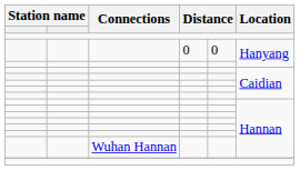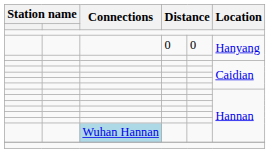 <table class="wikitable">
 <tr>
 <th colspan="2">Station name</th>
 <th rowspan="2">Connections</th>
 <th colspan="2" rowspan="2">Distance<br></th>
 <th rowspan="2">Location</th>
 </tr>
 <tr>
 <th></th>
 <th></th>
 </tr>
 <tr style="background:#">
 <td colspan = "6"></td>
 </tr>
 <tr>
 <td></td>
 <td></td>
 <td> </td>
 <td>0</td>
 <td>0</td>
 <td rowspan="2"><a href='#'>Hanyang</a></td>
 </tr>
 <tr>
 <td></td>
 <td></td>
 <td></td>
 <td></td>
 <td></td>
 </tr>
 <tr>
 <td></td>
 <td></td>
 <td></td>
 <td></td>
 <td></td>
 <td rowspan="5"><a href='#'>Caidian</a></td>
 </tr>
 <tr>
 <td></td>
 <td></td>
 <td></td>
 <td></td>
 <td></td>
 </tr>
 <tr>
 <td></td>
 <td></td>
 <td></td>
 <td></td>
 <td></td>
 </tr>
 <tr>
 <td></td>
 <td></td>
 <td></td>
 <td></td>
 <td></td>
 </tr>
 <tr>
 <td></td>
 <td></td>
 <td></td>
 <td></td>
 <td></td>
 </tr>
 <tr>
 <td></td>
 <td></td>
 <td></td>
 <td></td>
 <td></td>
 <td rowspan="7"><a href='#'>Hannan</a></td>
 </tr>
 <tr>
 <td></td>
 <td></td>
 <td></td>
 <td></td>
 <td></td>
 </tr>
 <tr>
 <td></td>
 <td></td>
 <td></td>
 <td></td>
 <td></td>
 </tr>
 <tr>
 <td></td>
 <td></td>
 <td></td>
 <td></td>
 <td></td>
 </tr>
 <tr>
 <td></td>
 <td></td>
 <td></td>
 <td></td>
 <td></td>
 </tr>
 <tr>
 <td></td>
 <td></td>
 <td></td>
 <td></td>
 <td></td>
 </tr>
 <tr>
 <td></td>
 <td></td>
-<td> <a href='#'>Wuhan Hannan</a></td>
+<td style="background: lightblue;"> <a href='#'>Wuhan Hannan</a></td>
 <td></td>
 <td></td>
 </tr>
 <tr>
 </tr>
 <tr style="background:#">
 <td colspan = "6"></td>
 </tr>
 </table>
